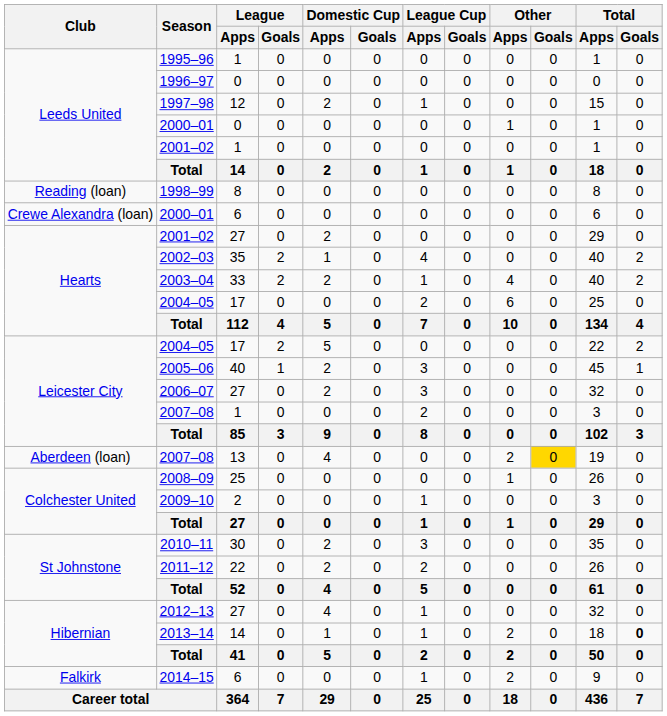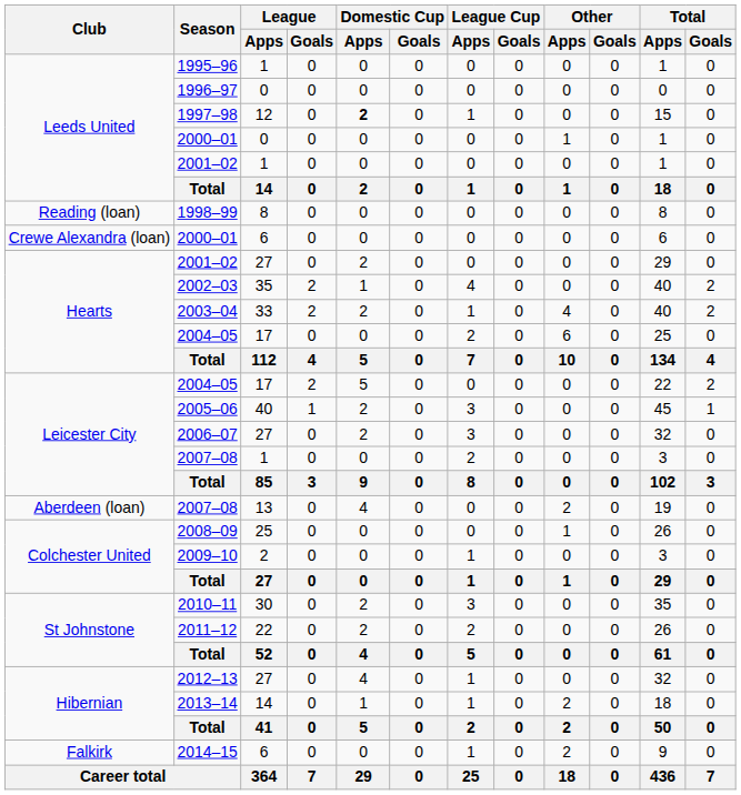 <table class="wikitable" style="text-align:center">
 <tr>
 <th rowspan="2">Club</th>
 <th rowspan="2">Season</th>
 <th colspan="2">League</th>
 <th colspan="2">Domestic Cup</th>
 <th colspan="2">League Cup</th>
 <th colspan="2">Other</th>
 <th colspan="2">Total</th>
 </tr>
 <tr>
 <th>Apps</th>
 <th>Goals</th>
 <th>Apps</th>
 <th>Goals</th>
 <th>Apps</th>
 <th>Goals</th>
 <th>Apps</th>
 <th>Goals</th>
 <th>Apps</th>
 <th>Goals</th>
 </tr>
 <tr>
 <td rowspan="6"><a href='#'>Leeds United</a></td>
 <td><a href='#'>1995–96</a></td>
 <td>1</td>
 <td>0</td>
 <td>0</td>
 <td>0</td>
 <td>0</td>
 <td>0</td>
 <td>0</td>
 <td>0</td>
 <td>1</td>
 <td>0</td>
 </tr>
 <tr>
 <td><a href='#'>1996–97</a></td>
 <td>0</td>
 <td>0</td>
 <td>0</td>
 <td>0</td>
 <td>0</td>
 <td>0</td>
 <td>0</td>
 <td>0</td>
 <td>0</td>
 <td>0</td>
 </tr>
 <tr>
 <td><a href='#'>1997–98</a></td>
 <td>12</td>
 <td>0</td>
-<td>2</td>
+<td><strong>2</strong></td>
 <td>0</td>
 <td>1</td>
 <td>0</td>
 <td>0</td>
 <td>0</td>
 <td>15</td>
 <td>0</td>
 </tr>
 <tr>
 <td><a href='#'>2000–01</a></td>
 <td>0</td>
 <td>0</td>
 <td>0</td>
 <td>0</td>
 <td>0</td>
 <td>0</td>
 <td>1</td>
 <td>0</td>
 <td>1</td>
 <td>0</td>
 </tr>
 <tr>
 <td><a href='#'>2001–02</a></td>
 <td>1</td>
 <td>0</td>
 <td>0</td>
 <td>0</td>
 <td>0</td>
 <td>0</td>
 <td>0</td>
 <td>0</td>
 <td>1</td>
 <td>0</td>
 </tr>
 <tr>
 <th>Total</th>
 <th>14</th>
 <th>0</th>
 <th>2</th>
 <th>0</th>
 <th>1</th>
 <th>0</th>
 <th>1</th>
 <th>0</th>
 <th>18</th>
 <th>0</th>
 </tr>
 <tr>
 <td><a href='#'>Reading</a> (loan)</td>
 <td><a href='#'>1998–99</a></td>
 <td>8</td>
 <td>0</td>
 <td>0</td>
 <td>0</td>
 <td>0</td>
 <td>0</td>
 <td>0</td>
 <td>0</td>
 <td>8</td>
 <td>0</td>
 </tr>
 <tr>
 <td><a href='#'>Crewe Alexandra</a> (loan)</td>
 <td><a href='#'>2000–01</a></td>
 <td>6</td>
 <td>0</td>
 <td>0</td>
 <td>0</td>
 <td>0</td>
 <td>0</td>
 <td>0</td>
 <td>0</td>
 <td>6</td>
 <td>0</td>
 </tr>
 <tr>
 <td rowspan="5"><a href='#'>Hearts</a></td>
 <td><a href='#'>2001–02</a></td>
 <td>27</td>
 <td>0</td>
 <td>2</td>
 <td>0</td>
 <td>0</td>
 <td>0</td>
 <td>0</td>
 <td>0</td>
 <td>29</td>
 <td>0</td>
 </tr>
 <tr>
 <td><a href='#'>2002–03</a></td>
 <td>35</td>
 <td>2</td>
 <td>1</td>
 <td>0</td>
 <td>4</td>
 <td>0</td>
 <td>0</td>
 <td>0</td>
 <td>40</td>
 <td>2</td>
 </tr>
 <tr>
 <td><a href='#'>2003–04</a></td>
 <td>33</td>
 <td>2</td>
 <td>2</td>
 <td>0</td>
 <td>1</td>
 <td>0</td>
 <td>4</td>
 <td>0</td>
 <td>40</td>
 <td>2</td>
 </tr>
 <tr>
 <td><a href='#'>2004–05</a></td>
 <td>17</td>
 <td>0</td>
 <td>0</td>
 <td>0</td>
 <td>2</td>
 <td>0</td>
 <td>6</td>
 <td>0</td>
 <td>25</td>
 <td>0</td>
 </tr>
 <tr>
 <th>Total</th>
 <th>112</th>
 <th>4</th>
 <th>5</th>
 <th>0</th>
 <th>7</th>
 <th>0</th>
 <th>10</th>
 <th>0</th>
 <th>134</th>
 <th>4</th>
 </tr>
 <tr>
 <td rowspan="5"><a href='#'>Leicester City</a></td>
 <td><a href='#'>2004–05</a></td>
 <td>17</td>
 <td>2</td>
 <td>5</td>
 <td>0</td>
 <td>0</td>
 <td>0</td>
 <td>0</td>
 <td>0</td>
 <td>22</td>
 <td>2</td>
 </tr>
 <tr>
 <td><a href='#'>2005–06</a></td>
 <td>40</td>
 <td>1</td>
 <td>2</td>
 <td>0</td>
 <td>3</td>
 <td>0</td>
 <td>0</td>
 <td>0</td>
 <td>45</td>
 <td>1</td>
 </tr>
 <tr>
 <td><a href='#'>2006–07</a></td>
 <td>27</td>
 <td>0</td>
 <td>2</td>
 <td>0</td>
 <td>3</td>
 <td>0</td>
 <td>0</td>
 <td>0</td>
 <td>32</td>
 <td>0</td>
 </tr>
 <tr>
 <td><a href='#'>2007–08</a></td>
 <td>1</td>
 <td>0</td>
 <td>0</td>
 <td>0</td>
 <td>2</td>
 <td>0</td>
 <td>0</td>
 <td>0</td>
 <td>3</td>
 <td>0</td>
 </tr>
 <tr>
 <th>Total</th>
 <th>85</th>
 <th>3</th>
 <th>9</th>
 <th>0</th>
 <th>8</th>
 <th>0</th>
 <th>0</th>
 <th>0</th>
 <th>102</th>
 <th>3</th>
 </tr>
 <tr>
 <td><a href='#'>Aberdeen</a> (loan)</td>
 <td><a href='#'>2007–08</a></td>
 <td>13</td>
 <td>0</td>
 <td>4</td>
 <td>0</td>
 <td>0</td>
 <td>0</td>
 <td>2</td>
-<td style="background: gold;">0</td>
+<td>0</td>
 <td>19</td>
 <td>0</td>
 </tr>
 <tr>
 <td rowspan="3"><a href='#'>Colchester United</a></td>
 <td><a href='#'>2008–09</a></td>
 <td>25</td>
 <td>0</td>
 <td>0</td>
 <td>0</td>
 <td>0</td>
 <td>0</td>
 <td>1</td>
 <td>0</td>
 <td>26</td>
 <td>0</td>
 </tr>
 <tr>
 <td><a href='#'>2009–10</a></td>
 <td>2</td>
 <td>0</td>
 <td>0</td>
 <td>0</td>
 <td>1</td>
 <td>0</td>
 <td>0</td>
 <td>0</td>
 <td>3</td>
 <td>0</td>
 </tr>
 <tr>
 <th>Total</th>
 <th>27</th>
 <th>0</th>
 <th>0</th>
 <th>0</th>
 <th>1</th>
 <th>0</th>
 <th>1</th>
 <th>0</th>
 <th>29</th>
 <th>0</th>
 </tr>
 <tr>
 <td rowspan="3"><a href='#'>St Johnstone</a></td>
 <td><a href='#'>2010–11</a></td>
 <td>30</td>
 <td>0</td>
 <td>2</td>
 <td>0</td>
 <td>3</td>
 <td>0</td>
 <td>0</td>
 <td>0</td>
 <td>35</td>
 <td>0</td>
 </tr>
 <tr>
 <td><a href='#'>2011–12</a></td>
 <td>22</td>
 <td>0</td>
 <td>2</td>
 <td>0</td>
 <td>2</td>
 <td>0</td>
 <td>0</td>
 <td>0</td>
 <td>26</td>
 <td>0</td>
 </tr>
 <tr>
 <th>Total</th>
 <th>52</th>
 <th>0</th>
 <th>4</th>
 <th>0</th>
 <th>5</th>
 <th>0</th>
 <th>0</th>
 <th>0</th>
 <th>61</th>
 <th>0</th>
 </tr>
 <tr>
 <td rowspan="3"><a href='#'>Hibernian</a></td>
 <td><a href='#'>2012–13</a></td>
 <td>27</td>
 <td>0</td>
 <td>4</td>
 <td>0</td>
 <td>1</td>
 <td>0</td>
 <td>0</td>
 <td>0</td>
 <td>32</td>
 <td>0</td>
 </tr>
 <tr>
 <td><a href='#'>2013–14</a></td>
 <td>14</td>
 <td>0</td>
 <td>1</td>
 <td>0</td>
 <td>1</td>
 <td>0</td>
 <td>2</td>
 <td>0</td>
 <td>18</td>
-<td><strong>0</strong></td>
+<td>0</td>
 </tr>
 <tr>
 <th>Total</th>
 <th>41</th>
 <th>0</th>
 <th>5</th>
 <th>0</th>
 <th>2</th>
 <th>0</th>
 <th>2</th>
 <th>0</th>
 <th>50</th>
 <th>0</th>
 </tr>
 <tr>
 <td><a href='#'>Falkirk</a></td>
 <td><a href='#'>2014–15</a></td>
 <td>6</td>
 <td>0</td>
 <td>0</td>
 <td>0</td>
 <td>1</td>
 <td>0</td>
 <td>2</td>
 <td>0</td>
 <td>9</td>
 <td>0</td>
 </tr>
 <tr>
 <th colspan="2">Career total</th>
 <th>364</th>
 <th>7</th>
 <th>29</th>
 <th>0</th>
 <th>25</th>
 <th>0</th>
 <th>18</th>
 <th>0</th>
 <th>436</th>
 <th>7</th>
 </tr>
 </table>
